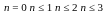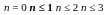 <table>
 <tr>
 <td></td>
 <td></td>
 <td></td>
 <td></td>
 </tr>
 <tr>
 <td align=center><em>n</em> = 0</td>
-<td align=center><em>n</em> ≤ 1</td>
+<td align=center><strong><em>n</em> ≤ 1</strong></td>
 <td align=center><em>n</em> ≤ 2</td>
 <td align=center><em>n</em> ≤ 3</td>
 </tr>
 </table>
